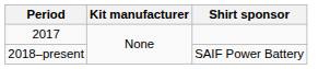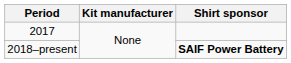 <table class="wikitable sortable" style="text-align:center; margin-left:1em; float:center">
 <tr>
 <th>Period</th>
 <th>Kit manufacturer</th>
 <th>Shirt sponsor</th>
 </tr>
 <tr>
 <td>2017</td>
 <td rowspan="2">None</td>
 <td></td>
 </tr>
 <tr>
 <td>2018–present</td>
-<td>SAIF Power Battery</td>
+<td><strong>SAIF Power Battery</strong></td>
 </tr>
 </table>
